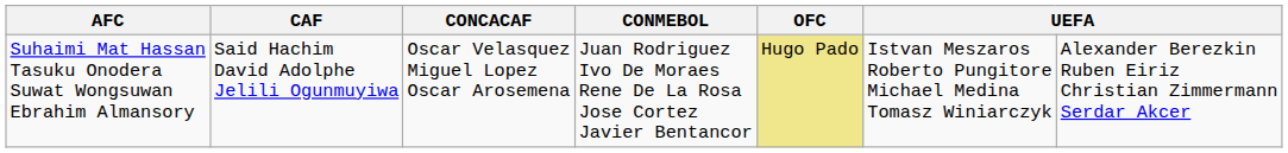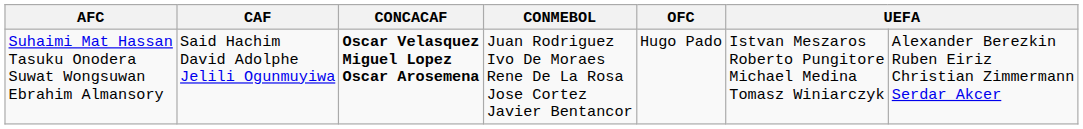 <table class="wikitable" style="margin:1em auto; text-align:left">
 <tr>
 <th>AFC</th>
 <th>CAF</th>
 <th>CONCACAF</th>
 <th>CONMEBOL</th>
 <th>OFC</th>
 <th colspan=2>UEFA</th>
 </tr>
 <tr valign="top">
 <td> <a href='#'>Suhaimi Mat Hassan</a><br> Tasuku Onodera<br> Suwat Wongsuwan<br> Ebrahim Almansory</td>
 <td> Said Hachim<br> David Adolphe<br> <a href='#'>Jelili Ogunmuyiwa</a></td>
-<td> Oscar Velasquez<br> Miguel Lopez<br> Oscar Arosemena</td>
+<td><strong> Oscar Velasquez<br> Miguel Lopez<br> Oscar Arosemena</strong></td>
 <td> Juan Rodriguez<br> Ivo De Moraes<br> Rene De La Rosa<br> Jose Cortez<br> Javier Bentancor</td>
-<td style="background: khaki;"> Hugo Pado</td>
+<td> Hugo Pado</td>
 <td> Istvan Meszaros<br> Roberto Pungitore<br> Michael Medina<br> Tomasz Winiarczyk</td>
 <td> Alexander Berezkin<br> Ruben Eiriz<br> Christian Zimmermann<br> <a href='#'>Serdar Akcer</a></td>
 </tr>
 </table>
